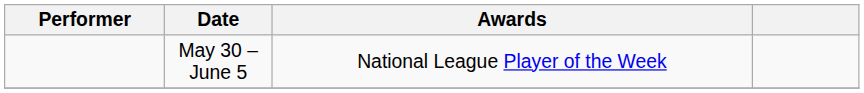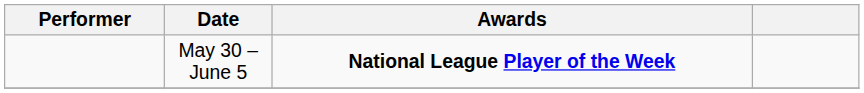 <table class="wikitable sortable" style="width:80%;">
 <tr align=center>
 <th style="width:15%;">Performer</th>
 <th style="width:10%;" data-sort-type="date">Date</th>
 <th style="width:45%;">Awards</th>
 <th style="width:10%;"></th>
 </tr>
 <tr align=center>
 <td></td>
 <td>May 30 – June 5</td>
-<td>National League <a href='#'>Player of the Week</a></td>
+<td><strong>National League <a href='#'>Player of the Week</a></strong></td>
 <td></td>
 </tr>
 <tr>
 </tr>
 </table>
